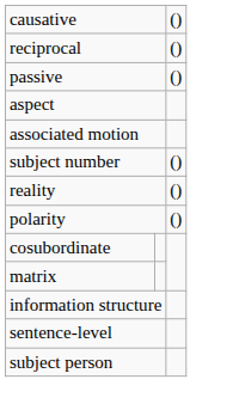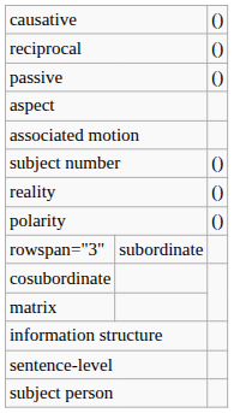 <table class="wikitable">
 <tr>
 <td colspan="2">causative</td>
 <td> ()</td>
 </tr>
 <tr>
 <td colspan="2">reciprocal</td>
 <td> ()</td>
 </tr>
 <tr>
 <td colspan="2">passive</td>
 <td> ()</td>
 </tr>
 <tr>
 <td colspan="2">aspect</td>
 <td></td>
 </tr>
 <tr>
 <td colspan="2">associated motion</td>
 <td></td>
 </tr>
 <tr>
 <td colspan="2">subject number</td>
 <td> ()</td>
 </tr>
 <tr>
 <td colspan="2">reality</td>
 <td> ()</td>
 </tr>
 <tr>
 <td colspan="2">polarity</td>
 <td> ()</td>
 </tr>
 <tr>
+<td>rowspan="3" </td>
+<td>subordinate</td>
+<td></td>
+</tr>
+<tr>
 <td>cosubordinate</td>
 <td></td>
 </tr>
 <tr>
 <td>matrix</td>
 <td></td>
 </tr>
 <tr>
 <td colspan="2">information structure</td>
 <td></td>
 </tr>
 <tr>
 <td colspan="2">sentence-level</td>
 <td></td>
 </tr>
 <tr>
 <td colspan="2">subject person</td>
 <td></td>
 </tr>
 </table>
